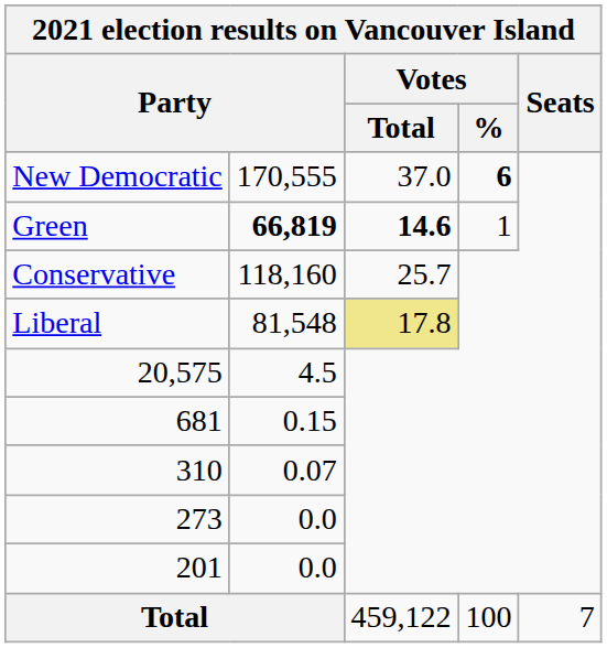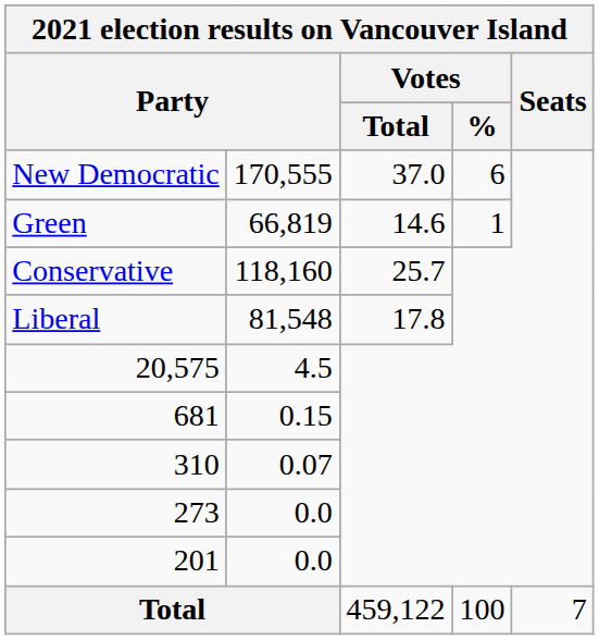 <table class="wikitable collapsible collapsed">
 <tr>
 <th align="center" colspan=5>2021 election results on Vancouver Island</th>
 </tr>
 <tr>
 <th align="centre" colspan=2 rowspan=2>Party</th>
 <th align="centre" colspan=2>Votes</th>
 <th align="centre" colspan=1 rowspan=2>Seats</th>
 </tr>
 <tr>
 <th align="right">Total</th>
 <th align="right">%</th>
 </tr>
 <tr>
 <td><a href='#'>New Democratic</a></td>
 <td align="right">170,555</td>
 <td align="right">37.0</td>
-<td align="right"><strong>6</strong></td>
+<td align="right">6</td>
 </tr>
 <tr>
 <td><a href='#'>Green</a></td>
-<td align="right"><strong>66,819</strong></td>
-<td align="right"><strong>14.6</strong></td>
+<td align="right">66,819</td>
+<td align="right">14.6</td>
 <td align="right">1</td>
 </tr>
 <tr>
 <td><a href='#'>Conservative</a></td>
 <td align="right">118,160</td>
 <td align="right">25.7</td>
 </tr>
 <tr>
 <td><a href='#'>Liberal</a></td>
 <td align="right">81,548</td>
-<td align="right" style="background: khaki;">17.8</td>
+<td align="right">17.8</td>
 </tr>
 <tr>
 <td align="right">20,575</td>
 <td align="right">4.5</td>
 </tr>
 <tr>
 <td align="right">681</td>
 <td align="right">0.15</td>
 </tr>
 <tr>
 <td align="right">310</td>
 <td align="right">0.07</td>
 </tr>
 <tr>
 <td align="right">273</td>
 <td align="right">0.0</td>
 </tr>
 <tr>
 <td align="right">201</td>
 <td align="right">0.0</td>
 </tr>
 <tr>
 <th align="left" colspan=2>Total</th>
 <td align="right">459,122</td>
 <td align="right">100</td>
 <td align="right">7</td>
 </tr>
 </table>
